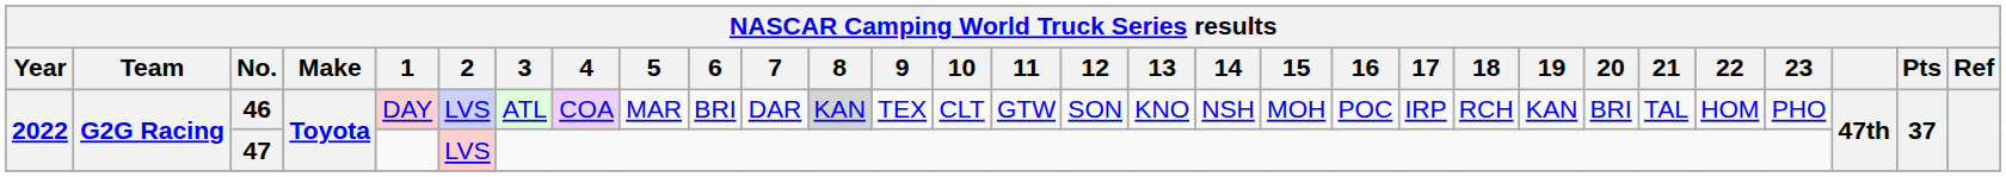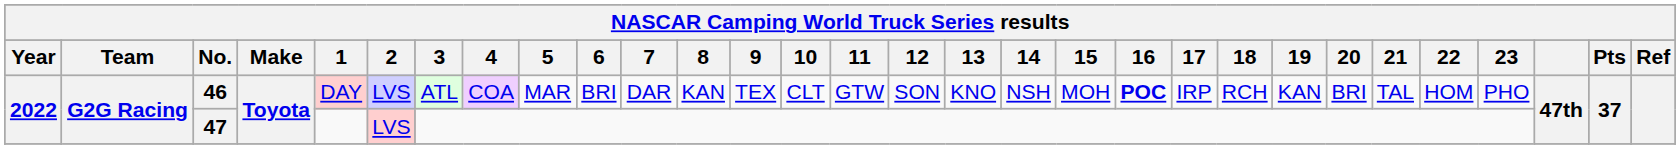 <table class="wikitable" style="text-align:center; font-size:75%">
 <tr>
 <th colspan=30><a href='#'>NASCAR Camping World Truck Series</a> results</th>
 </tr>
 <tr>
 <th>Year</th>
 <th>Team</th>
 <th>No.</th>
 <th>Make</th>
 <th>1</th>
 <th>2</th>
 <th>3</th>
 <th>4</th>
 <th>5</th>
 <th>6</th>
 <th>7</th>
 <th>8</th>
 <th>9</th>
 <th>10</th>
 <th>11</th>
 <th>12</th>
 <th>13</th>
 <th>14</th>
 <th>15</th>
 <th>16</th>
 <th>17</th>
 <th>18</th>
 <th>19</th>
 <th>20</th>
 <th>21</th>
 <th>22</th>
 <th>23</th>
 <th></th>
 <th>Pts</th>
 <th>Ref</th>
 </tr>
 <tr>
 <th rowspan=2><a href='#'>2022</a></th>
 <th rowspan=2><a href='#'>G2G Racing</a></th>
 <th>46</th>
 <th rowspan=2><a href='#'>Toyota</a></th>
 <td style="background:#FFCFCF;"><a href='#'>DAY</a><br></td>
 <td style="background:#CFCFFF;"><a href='#'>LVS</a><br></td>
 <td style="background:#DFFFDF;"><a href='#'>ATL</a><br></td>
 <td style="background:#EFCFFF;"><a href='#'>COA</a><br></td>
 <td style="background:#;"><a href='#'>MAR</a><br></td>
 <td><a href='#'>BRI</a></td>
 <td><a href='#'>DAR</a></td>
-<td style="background: lightgrey;"><a href='#'>KAN</a></td>
+<td><a href='#'>KAN</a></td>
 <td><a href='#'>TEX</a></td>
 <td><a href='#'>CLT</a></td>
 <td><a href='#'>GTW</a></td>
 <td><a href='#'>SON</a></td>
 <td><a href='#'>KNO</a></td>
 <td><a href='#'>NSH</a></td>
 <td><a href='#'>MOH</a></td>
-<td><a href='#'>POC</a></td>
+<td><strong><a href='#'>POC</a></strong></td>
 <td><a href='#'>IRP</a></td>
 <td><a href='#'>RCH</a></td>
 <td><a href='#'>KAN</a></td>
 <td><a href='#'>BRI</a></td>
 <td><a href='#'>TAL</a></td>
 <td><a href='#'>HOM</a></td>
 <td><a href='#'>PHO</a></td>
 <th rowspan=2>47th</th>
 <th rowspan=2>37</th>
 <th rowspan=2></th>
 </tr>
 <tr>
 <th>47</th>
 <td colspan=1></td>
 <td style="background:#FFCFCF;"><a href='#'>LVS</a><br></td>
 <td colspan=21></td>
 </tr>
 </table>
